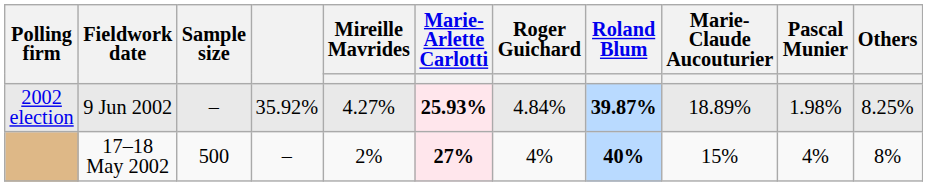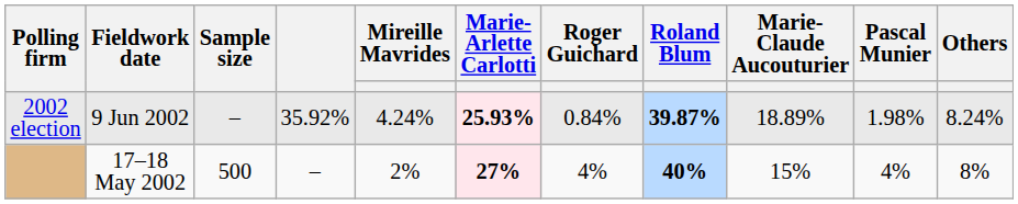 <table class="wikitable sortable" style="text-align:center;font-size:90%;line-height:14px;">
 <tr style="height:40px;">
 <th style="width:100px;" rowspan="2">Polling firm</th>
 <th style="width:110px;" rowspan="2">Fieldwork date</th>
 <th style="width:35px;" rowspan="2">Sample<br>size</th>
 <th style="width:30px;" rowspan="2"></th>
 <th class="unsortable" style="width:60px;">Mireille Mavrides<br></th>
 <th class="unsortable" style="width:60px;"><a href='#'>Marie-Arlette Carlotti</a><br></th>
 <th class="unsortable" style="width:60px;">Roger Guichard<br></th>
 <th class="unsortable" style="width:60px;"><a href='#'>Roland Blum</a><br></th>
 <th class="unsortable" style="width:60px;">Marie-Claude Aucouturier<br></th>
 <th class="unsortable" style="width:60px;">Pascal Munier<br></th>
 <th class="unsortable" style="width:60px;">Others</th>
 </tr>
 <tr>
 <th style="background:"></th>
 <th style="background:"></th>
 <th style="background:"></th>
 <th style="background:"></th>
 <th style="background:"></th>
 <th style="background:"></th>
 <th style="background:"></th>
 </tr>
 <tr style="background:#E9E9E9;">
 <td><a href='#'>2002 election</a></td>
 <td data-sort-value="2002-06-09">9 Jun 2002</td>
 <td>–</td>
 <td>35.92%</td>
-<td>4.27%</td>
+<td>4.24%</td>
 <td style="background:#FFE6EC;"><strong>25.93%</strong></td>
-<td>4.84%</td>
+<td>0.84%</td>
 <td style="background:#B9DAFF;"><strong>39.87%</strong></td>
 <td>18.89%</td>
 <td>1.98%</td>
-<td>8.25%</td>
+<td>8.24%</td>
 </tr>
 <tr>
 <td style="background:burlywood;"></td>
 <td data-sort-value="2002-05-18">17–18 May 2002</td>
 <td>500</td>
 <td>–</td>
 <td>2%</td>
 <td style="background:#FFE6EC;"><strong>27%</strong></td>
 <td>4%</td>
 <td style="background:#B9DAFF;"><strong>40%</strong></td>
 <td>15%</td>
 <td>4%</td>
 <td>8%</td>
 </tr>
 </table>
